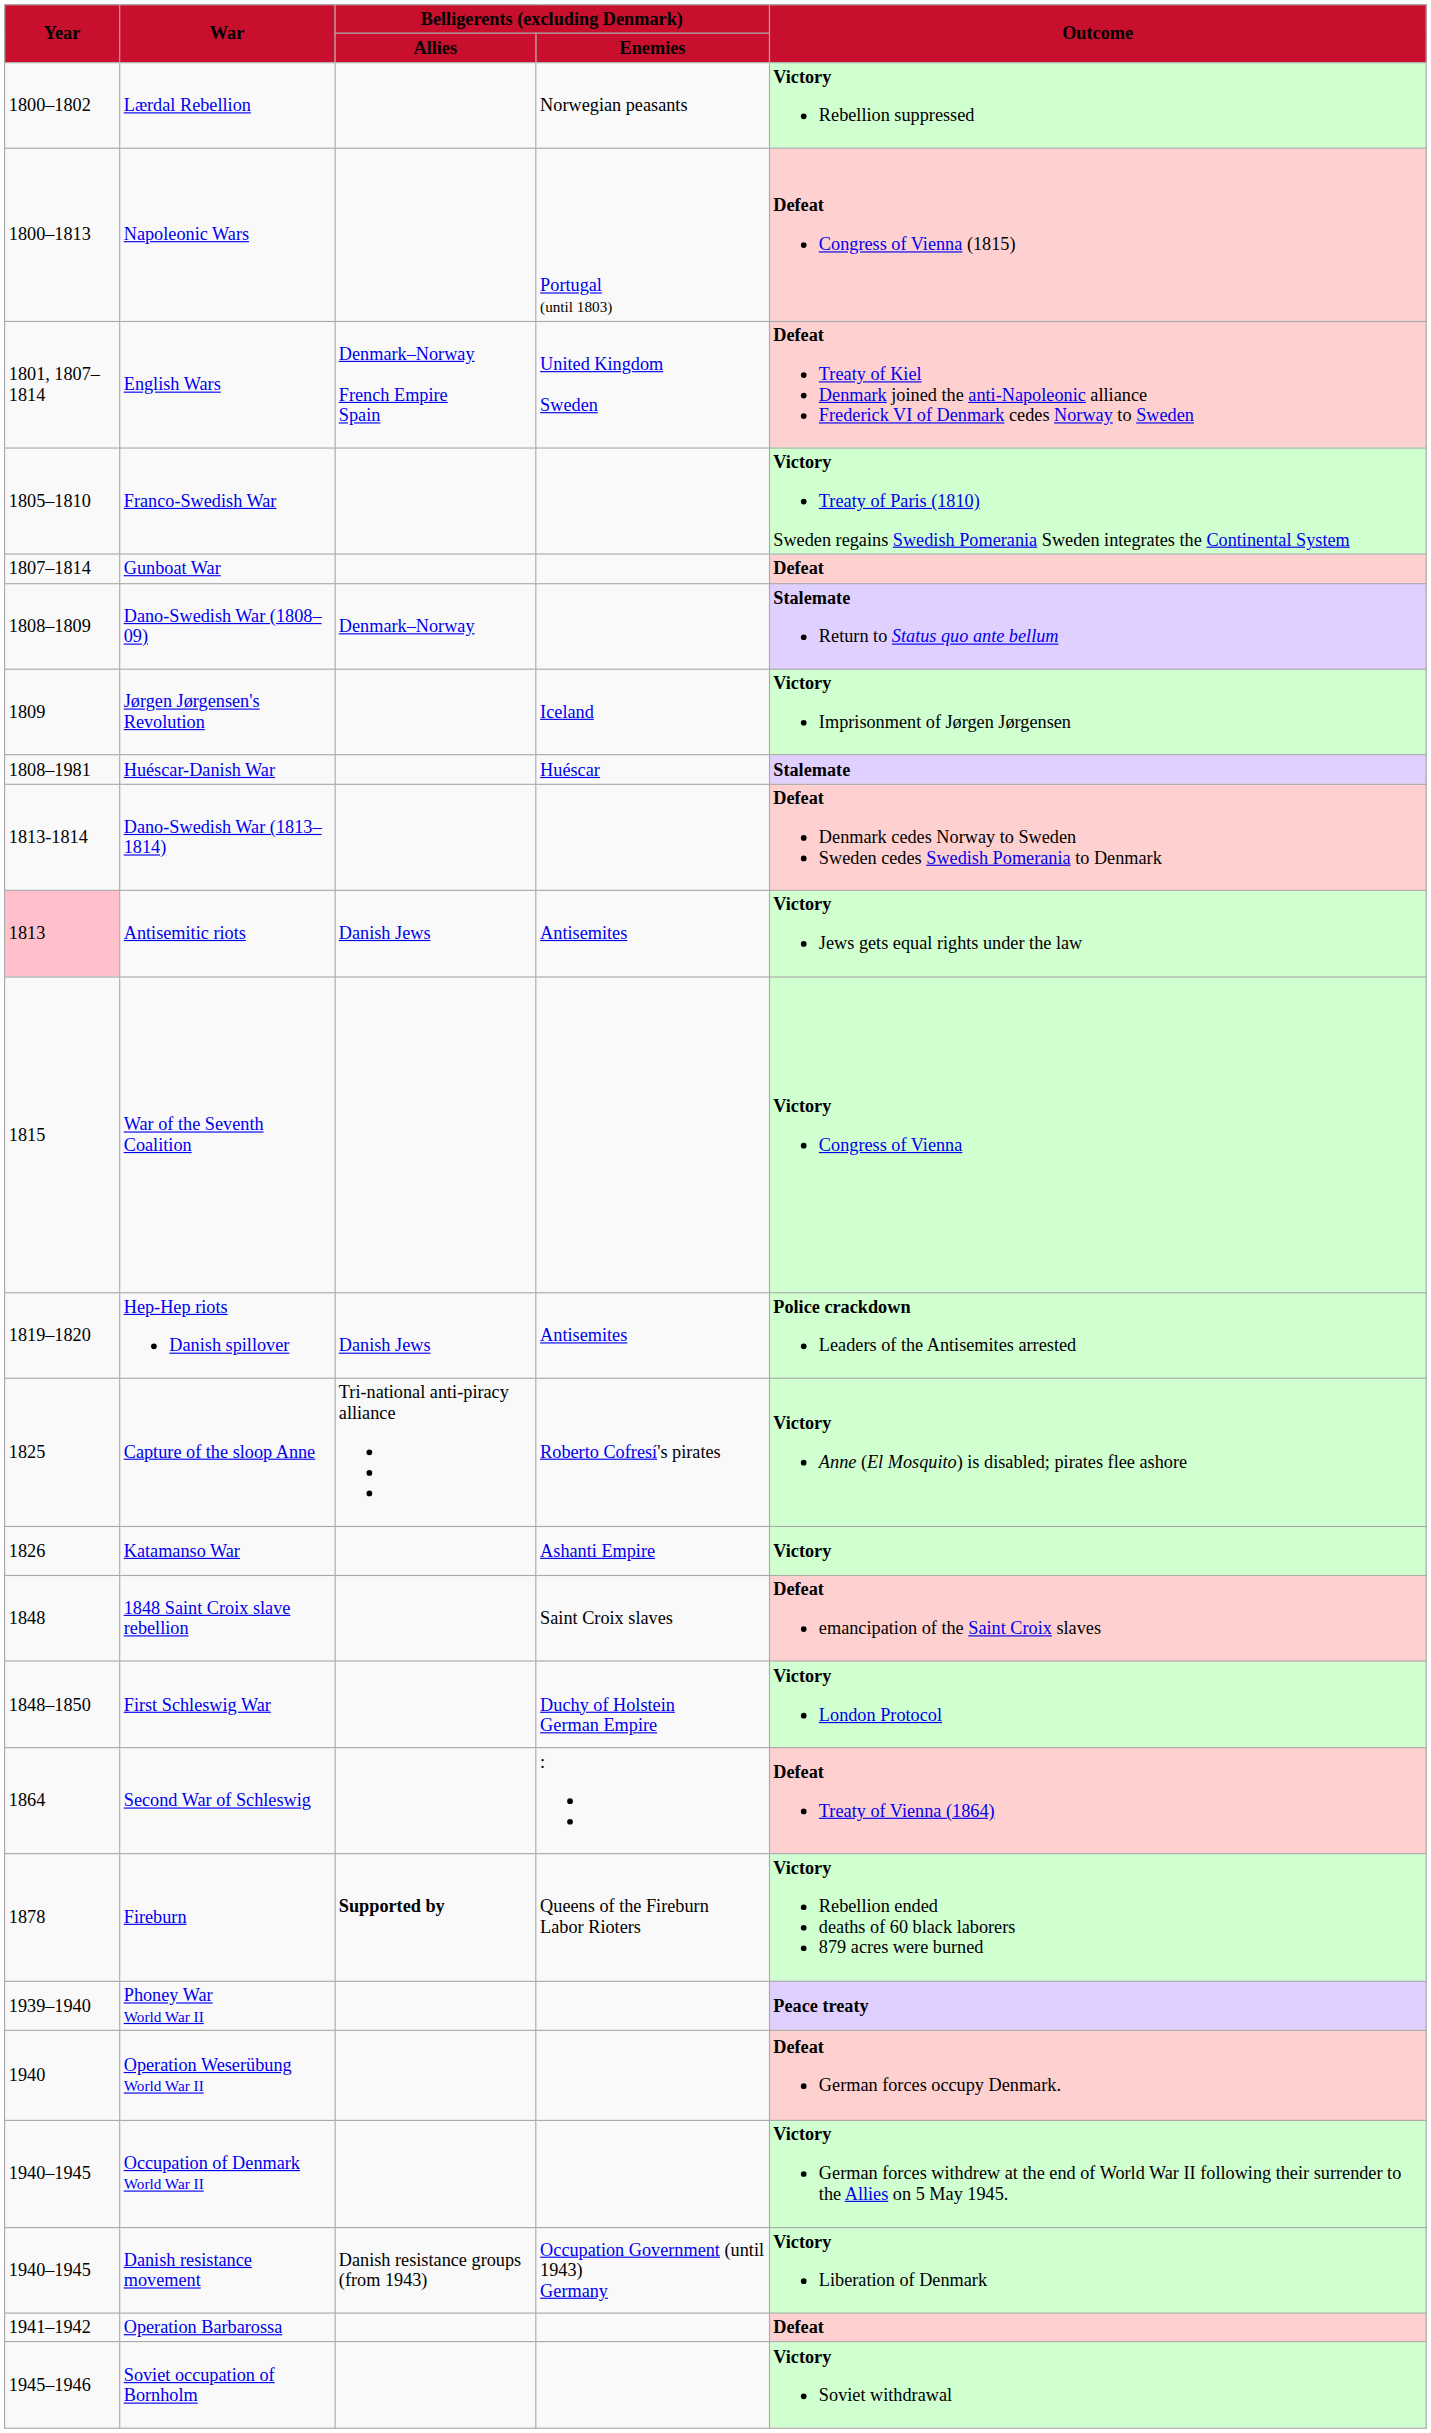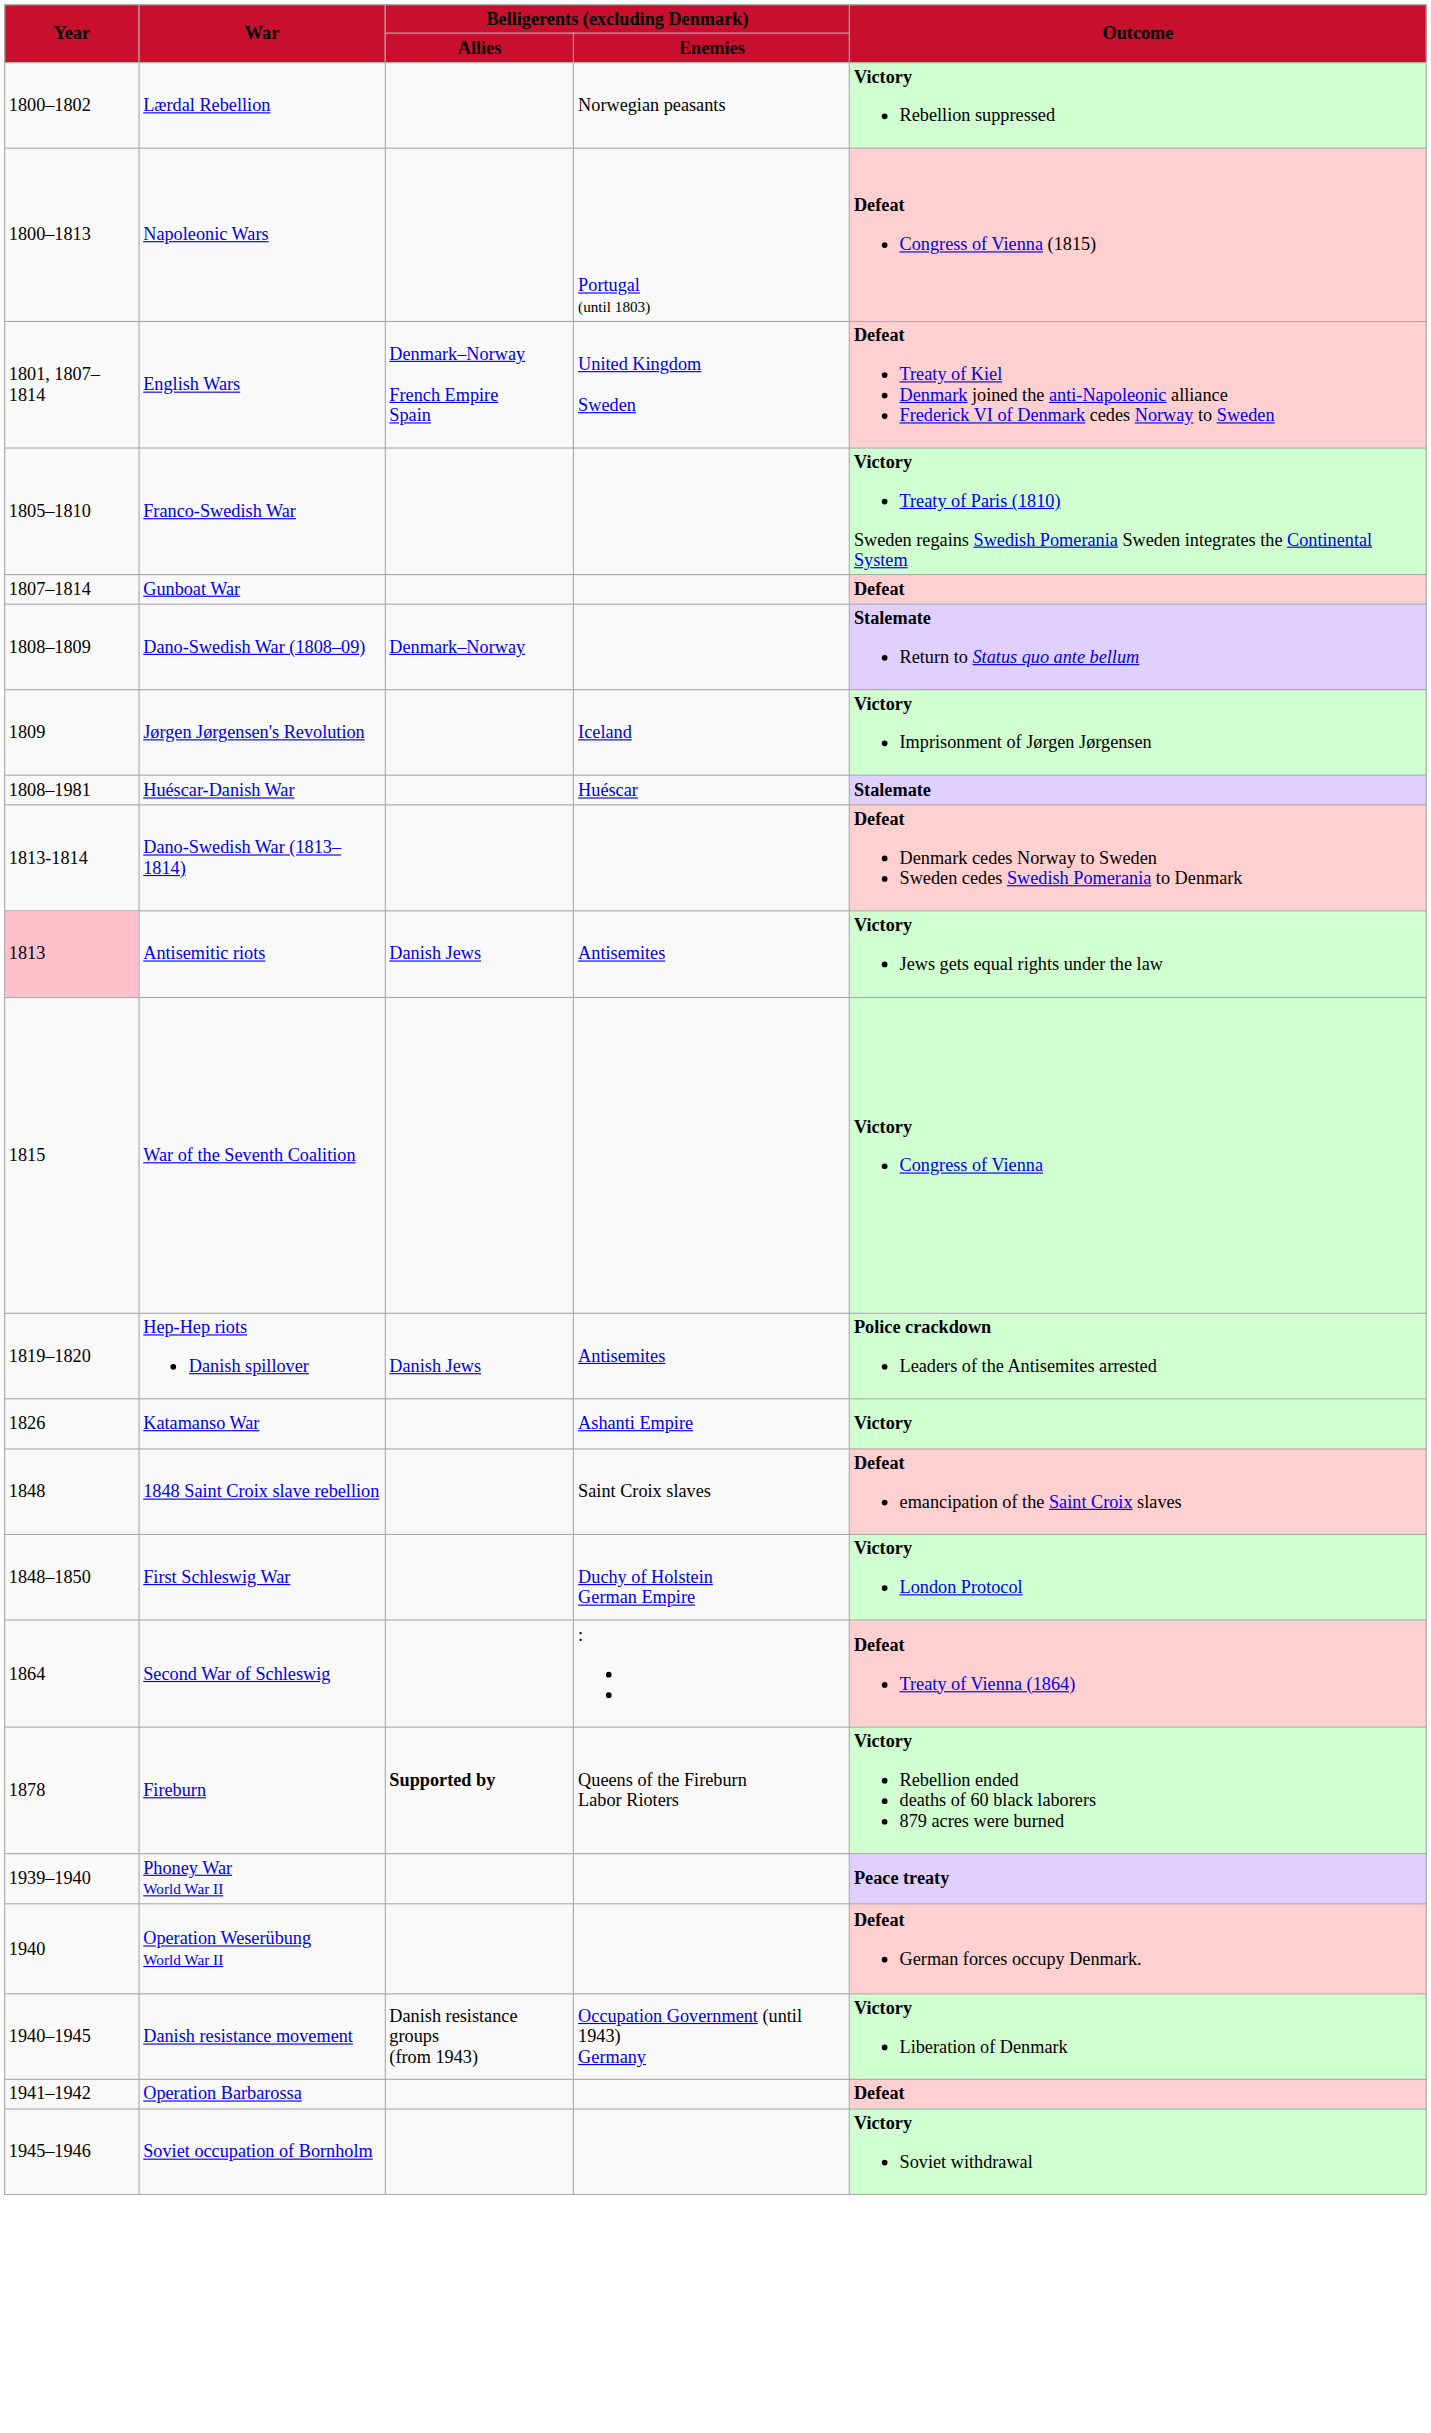 <table class="wikitable" style="font-size:100%">
 <tr>
 <th rowspan="2" style="background:#C8102E;"><span>Year</span></th>
 <th rowspan="2" style="background:#C8102E;"><span>War</span></th>
 <th colspan="2" style="background:#C8102E;"><span>Belligerents (excluding Denmark)</span></th>
 <th rowspan="2" style="background:#C8102E;"><span>Outcome</span></th>
 </tr>
 <tr>
 <th style="background:#C8102E;"><span>Allies</span></th>
 <th style="background:#C8102E;"><span>Enemies</span></th>
 </tr>
 <tr>
 <td>1800–1802</td>
 <td><a href='#'>Lærdal Rebellion</a></td>
 <td></td>
 <td> Norwegian peasants</td>
 <td style="background:#D0FFD0"><strong>Victory</strong><br><ul><li>Rebellion suppressed</li></ul></td>
 </tr>
 <tr>
 <td>1800–1813</td>
 <td><a href='#'>Napoleonic Wars</a></td>
 <td><br></td>
 <td><br><br><br><br><br><br> <a href='#'>Portugal</a><br> <small>(until 1803)</small><br></td>
 <td style="background:#FFD0D0"><strong>Defeat</strong><br><ul><li><a href='#'>Congress of Vienna</a> (1815)</li></ul></td>
 </tr>
 <tr>
 <td>1801, 1807–1814</td>
 <td><a href='#'>English Wars</a></td>
 <td> <a href='#'>Denmark–Norway</a><br><br> <a href='#'>French Empire</a><br>  <a href='#'>Spain</a></td>
 <td> <a href='#'>United Kingdom</a> <br><br> <a href='#'>Sweden</a></td>
 <td style="background:#FFD0D0"><strong>Defeat</strong><br><ul><li><a href='#'>Treaty of Kiel</a></li><li><a href='#'>Denmark</a> joined the <a href='#'>anti-Napoleonic</a> alliance</li><li><a href='#'>Frederick VI of Denmark</a> cedes <a href='#'>Norway</a> to <a href='#'>Sweden</a></li></ul></td>
 </tr>
 <tr>
 <td>1805–1810</td>
 <td><a href='#'>Franco-Swedish War</a></td>
 <td></td>
 <td></td>
 <td style="background:#D0FFD0"><strong>Victory</strong><br><ul><li><a href='#'>Treaty of Paris (1810)</a></li></ul>Sweden regains <a href='#'>Swedish Pomerania</a> Sweden integrates the <a href='#'>Continental System</a></td>
 </tr>
 <tr>
 <td>1807–1814</td>
 <td><a href='#'>Gunboat War</a></td>
 <td></td>
 <td></td>
 <td style="background:#FFD0D0"><strong>Defeat</strong></td>
 </tr>
 <tr>
 <td>1808–1809</td>
 <td><a href='#'>Dano-Swedish War (1808–09)</a></td>
 <td> <a href='#'>Denmark–Norway</a><br></td>
 <td><br></td>
 <td style="background:#E0D0FF"><strong>Stalemate</strong><br><ul><li>Return to <em><a href='#'>Status quo ante bellum</a></em></li></ul></td>
 </tr>
 <tr>
 <td>1809</td>
 <td><a href='#'>Jørgen Jørgensen's Revolution</a></td>
 <td><br></td>
 <td> <a href='#'>Iceland</a></td>
 <td style="background:#D0FFD0"><strong>Victory</strong><br><ul><li>Imprisonment of Jørgen Jørgensen</li></ul></td>
 </tr>
 <tr>
 <td>1808–1981</td>
 <td><a href='#'>Huéscar-Danish War</a></td>
 <td></td>
 <td><a href='#'>Huéscar</a></td>
 <td style="background:#E0D0FF"><strong>Stalemate</strong></td>
 </tr>
 <tr>
 <td>1813-1814</td>
 <td><a href='#'>Dano-Swedish War (1813–1814)</a></td>
 <td></td>
 <td><br><br><br></td>
 <td style="background:#FFD0D0"><strong>Defeat</strong><br><ul><li>Denmark cedes Norway to Sweden</li><li>Sweden cedes <a href='#'>Swedish Pomerania</a> to Denmark</li></ul></td>
 </tr>
 <tr>
 <td style="background: pink;">1813</td>
 <td><a href='#'>Antisemitic riots</a></td>
 <td> <a href='#'>Danish Jews</a></td>
 <td><a href='#'>Antisemites</a></td>
 <td style="background: #D0FFD0"><strong>Victory</strong><br><ul><li>Jews gets equal rights under the law</li></ul></td>
 </tr>
 <tr>
 <td>1815</td>
 <td><a href='#'>War of the Seventh Coalition</a></td>
 <td><br><br><br><br><br><br><br><br><br><br><br><br><br><br><br></td>
 <td><br></td>
 <td style="background:#D0FFD0"><strong>Victory</strong><br><ul><li><a href='#'>Congress of Vienna</a></li></ul></td>
 </tr>
 <tr>
 <td>1819–1820</td>
 <td><a href='#'>Hep-Hep riots</a><br><ul><li><a href='#'>Danish spillover</a></li></ul></td>
 <td><br><a href='#'>Danish Jews</a></td>
 <td><a href='#'>Antisemites</a></td>
 <td style="background: #D0FFD0"><strong>Police crackdown</strong><br><ul><li>Leaders of the Antisemites arrested</li></ul></td>
 </tr>
 <tr>
-<td>1825</td>
-<td><a href='#'>Capture of the sloop Anne</a></td>
-<td> Tri-national anti-piracy alliance<br><ul><li></li><li></li><li></li></ul></td>
-<td> <a href='#'>Roberto Cofresí</a>'s pirates</td>
-<td style="background:#D0FFD0"><strong>Victory</strong><br><ul><li><em>Anne</em> (<em>El Mosquito</em>) is disabled; pirates flee ashore</li></ul></td>
-</tr>
-<tr>
 <td>1826</td>
 <td><a href='#'>Katamanso War</a></td>
 <td><br><br></td>
 <td><a href='#'>Ashanti Empire</a></td>
 <td style="background:#D0FFD0"><strong>Victory</strong></td>
 </tr>
 <tr>
 <td>1848</td>
 <td><a href='#'>1848 Saint Croix slave rebellion</a></td>
 <td></td>
 <td>Saint Croix slaves</td>
 <td style="background:#FFD0D0"><strong> Defeat</strong><br><ul><li>emancipation of the <a href='#'>Saint Croix</a> slaves</li></ul></td>
 </tr>
 <tr>
 <td>1848–1850</td>
 <td><a href='#'>First Schleswig War</a></td>
 <td></td>
 <td><br> <a href='#'>Duchy of Holstein</a><br> <a href='#'>German Empire</a></td>
 <td style="background:#D0FFD0"><strong>Victory</strong><br><ul><li><a href='#'>London Protocol</a></li></ul></td>
 </tr>
 <tr>
 <td>1864</td>
 <td><a href='#'>Second War of Schleswig</a></td>
 <td></td>
 <td>:<br><ul><li></li><li></li></ul></td>
 <td style="background:#FFD0D0"><strong>Defeat</strong><br><ul><li><a href='#'>Treaty of Vienna (1864)</a></li></ul></td>
 </tr>
 <tr>
 <td>1878</td>
 <td><a href='#'>Fireburn</a></td>
 <td><br> <strong>Supported by</strong><br><br><br></td>
 <td>Queens of the Fireburn<br>Labor Rioters</td>
 <td style="background:#D0FFD0"><strong>Victory</strong><br><ul><li>Rebellion ended</li><li>deaths of 60 black laborers</li><li>879 acres were burned</li></ul></td>
 </tr>
 <tr>
 <td>1939–1940</td>
 <td><a href='#'>Phoney War</a><br><small><a href='#'>World War II</a></small></td>
 <td><br><br></td>
 <td><br></td>
 <td style="background:#E0D0FF"><strong>Peace treaty</strong></td>
 </tr>
 <tr>
 <td>1940</td>
 <td><a href='#'>Operation Weserübung</a><br><small><a href='#'>World War II</a></small></td>
 <td><br><br><br><br></td>
 <td></td>
 <td style="background:#FFD0D0"><strong>Defeat</strong><br><ul><li>German forces occupy Denmark.</li></ul></td>
 </tr>
 <tr>
 <td>1940–1945</td>
-<td><a href='#'>Occupation of Denmark</a><br><small><a href='#'>World War II</a></small></td>
-<td><br></td>
-<td><br></td>
-<td style="background:#D0FFD0"><strong>Victory</strong><br><ul><li>German forces withdrew at the end of World War II following their surrender to the <a href='#'>Allies</a> on 5 May 1945.</li></ul></td>
-</tr>
-<tr>
-<td>1940–1945</td>
 <td><a href='#'>Danish resistance movement</a></td>
 <td> Danish resistance groups<br> (from 1943)</td>
 <td> <a href='#'>Occupation Government</a> (until 1943)<br> <a href='#'>Germany</a></td>
 <td style="background:#D0FFD0"><strong>Victory</strong><br><ul><li>Liberation of Denmark</li></ul></td>
 </tr>
 <tr>
 <td>1941–1942</td>
 <td><a href='#'>Operation Barbarossa</a></td>
 <td></td>
 <td></td>
 <td style="background:#FFD0D0"><strong>Defeat</strong></td>
 </tr>
 <tr>
 <td>1945–1946</td>
 <td><a href='#'>Soviet occupation of Bornholm</a></td>
 <td></td>
 <td></td>
 <td style="background:#D0FFD0"><strong>Victory</strong><br><ul><li>Soviet withdrawal</li></ul></td>
 </tr>
 </table>
